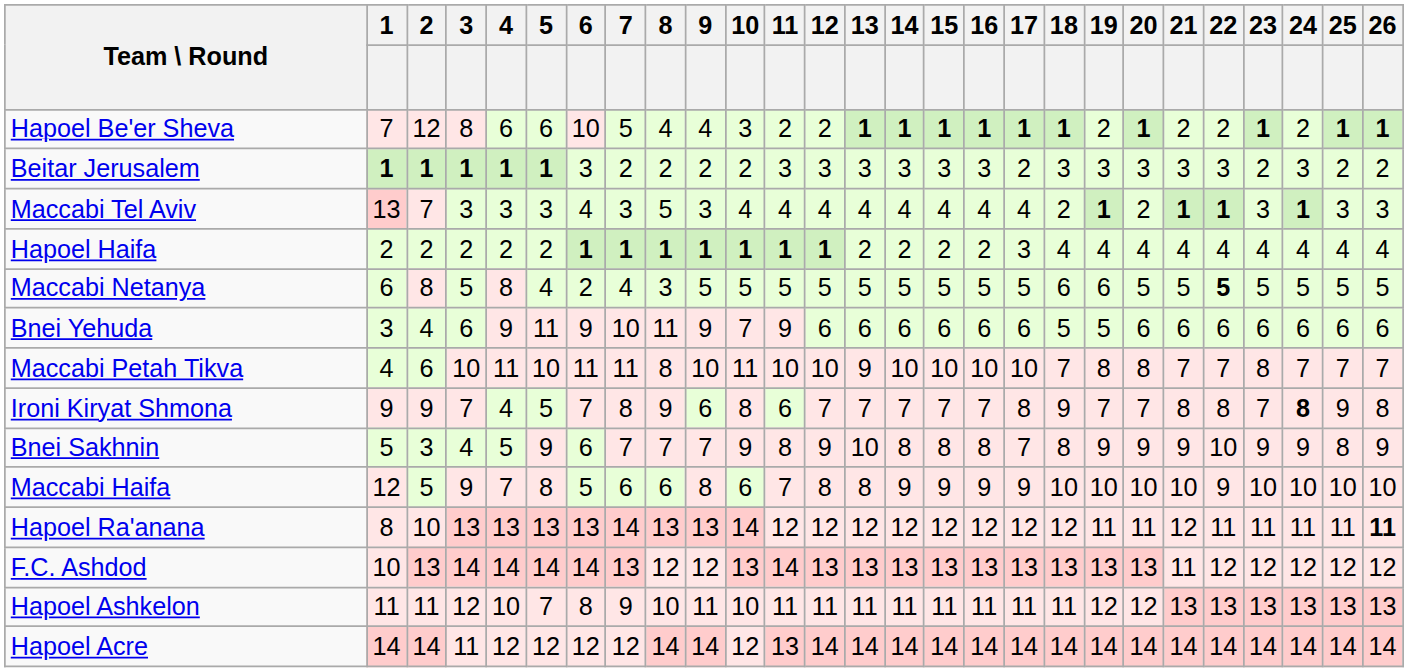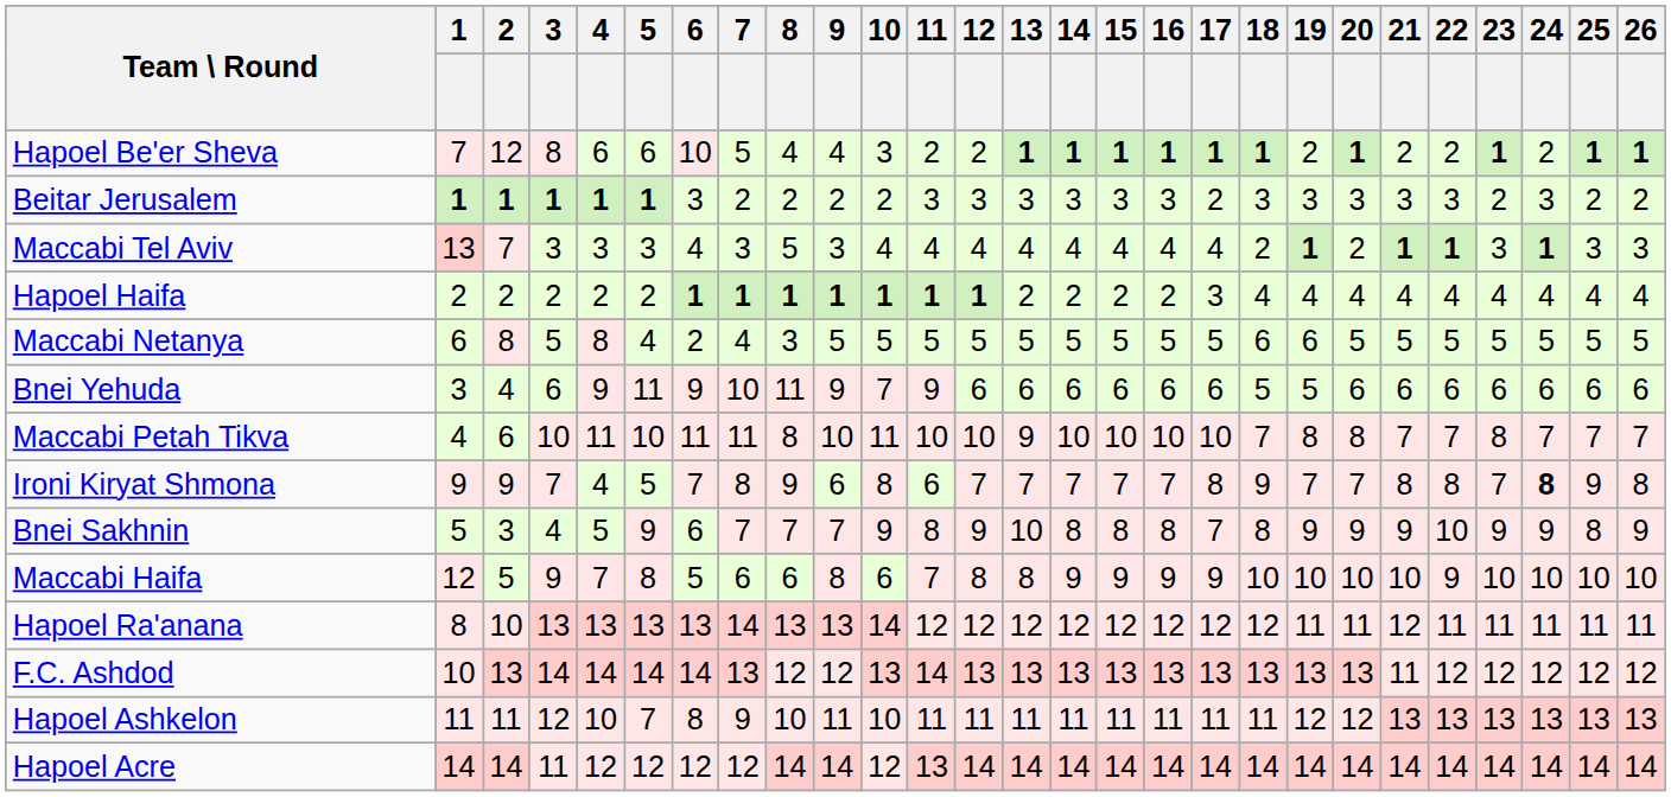 <table class="wikitable sortable" style="font-size: 90%; text-align:center;">
 <tr>
 <th rowspan="2" style="width:200px;">Team \ Round</th>
 <th align=center>1</th>
 <th align=center>2</th>
 <th align=center>3</th>
 <th align=center>4</th>
 <th align=center>5</th>
 <th align=center>6</th>
 <th align=center>7</th>
 <th align=center>8</th>
 <th align=center>9</th>
 <th align=center>10</th>
 <th align=center>11</th>
 <th align=center>12</th>
 <th align=center>13</th>
 <th align=center>14</th>
 <th align=center>15</th>
 <th align=center>16</th>
 <th align=center>17</th>
 <th align=center>18</th>
 <th align=center>19</th>
 <th align=center>20</th>
 <th align=center>21</th>
 <th align=center>22</th>
 <th align=center>23</th>
 <th align=center>24</th>
 <th align=center>25</th>
 <th align=center>26</th>
 </tr>
 <tr>
 <th style="text-align:center; height:30px;"></th>
 <th align=center></th>
 <th align=center></th>
 <th align=center></th>
 <th align=center></th>
 <th align=center></th>
 <th align=center></th>
 <th align=center></th>
 <th align=center></th>
 <th align=center></th>
 <th align=center></th>
 <th align=center></th>
 <th align=center></th>
 <th align=center></th>
 <th align=center></th>
 <th align=center></th>
 <th align=center></th>
 <th align=center></th>
 <th align=center></th>
 <th align=center></th>
 <th align=center></th>
 <th align=center></th>
 <th align=center></th>
 <th align=center></th>
 <th align=center></th>
 <th align=center></th>
 </tr>
 <tr align=center>
 <td align=left><a href='#'>Hapoel Be'er Sheva</a></td>
 <td bgcolor="FFE6E6">7</td>
 <td bgcolor="FFE6E6">12</td>
 <td bgcolor="FFE6E6">8</td>
 <td bgcolor="E8FFD8">6</td>
 <td bgcolor="E8FFD8">6</td>
 <td bgcolor="FFE6E6">10</td>
 <td bgcolor="E8FFD8">5</td>
 <td bgcolor="E8FFD8">4</td>
 <td bgcolor="E8FFD8">4</td>
 <td bgcolor="E8FFD8">3</td>
 <td bgcolor="E8FFD8">2</td>
 <td bgcolor="E8FFD8">2</td>
 <td bgcolor="D0F0C0"><strong>1</strong></td>
 <td bgcolor="D0F0C0"><strong>1</strong></td>
 <td bgcolor="D0F0C0"><strong>1</strong></td>
 <td bgcolor="D0F0C0"><strong>1</strong></td>
 <td bgcolor="D0F0C0"><strong>1</strong></td>
 <td bgcolor="D0F0C0"><strong>1</strong></td>
 <td bgcolor="E8FFD8">2</td>
 <td bgcolor="D0F0C0"><strong>1</strong></td>
 <td bgcolor="E8FFD8">2</td>
 <td bgcolor="E8FFD8">2</td>
 <td bgcolor="D0F0C0"><strong>1</strong></td>
 <td bgcolor="E8FFD8">2</td>
 <td bgcolor="D0F0C0"><strong>1</strong></td>
 <td bgcolor="D0F0C0"><strong>1</strong></td>
 </tr>
 <tr align=center>
 <td align=left><a href='#'>Beitar Jerusalem</a></td>
 <td bgcolor="D0F0C0"><strong>1</strong></td>
 <td bgcolor="D0F0C0"><strong>1</strong></td>
 <td bgcolor="D0F0C0"><strong>1</strong></td>
 <td bgcolor="D0F0C0"><strong>1</strong></td>
 <td bgcolor="D0F0C0"><strong>1</strong></td>
 <td bgcolor="E8FFD8">3</td>
 <td bgcolor="E8FFD8">2</td>
 <td bgcolor="E8FFD8">2</td>
 <td bgcolor="E8FFD8">2</td>
 <td bgcolor="E8FFD8">2</td>
 <td bgcolor="E8FFD8">3</td>
 <td bgcolor="E8FFD8">3</td>
 <td bgcolor="E8FFD8">3</td>
 <td bgcolor="E8FFD8">3</td>
 <td bgcolor="E8FFD8">3</td>
 <td bgcolor="E8FFD8">3</td>
 <td bgcolor="E8FFD8">2</td>
 <td bgcolor="E8FFD8">3</td>
 <td bgcolor="E8FFD8">3</td>
 <td bgcolor="E8FFD8">3</td>
 <td bgcolor="E8FFD8">3</td>
 <td bgcolor="E8FFD8">3</td>
 <td bgcolor="E8FFD8">2</td>
 <td bgcolor="E8FFD8">3</td>
 <td bgcolor="E8FFD8">2</td>
 <td bgcolor="E8FFD8">2</td>
 </tr>
 <tr align=center>
 <td align=left><a href='#'>Maccabi Tel Aviv</a></td>
 <td bgcolor="FFCCCC">13</td>
 <td bgcolor="FFE6E6">7</td>
 <td bgcolor="E8FFD8">3</td>
 <td bgcolor="E8FFD8">3</td>
 <td bgcolor="E8FFD8">3</td>
 <td bgcolor="E8FFD8">4</td>
 <td bgcolor="E8FFD8">3</td>
 <td bgcolor="E8FFD8">5</td>
 <td bgcolor="E8FFD8">3</td>
 <td bgcolor="E8FFD8">4</td>
 <td bgcolor="E8FFD8">4</td>
 <td bgcolor="E8FFD8">4</td>
 <td bgcolor="E8FFD8">4</td>
 <td bgcolor="E8FFD8">4</td>
 <td bgcolor="E8FFD8">4</td>
 <td bgcolor="E8FFD8">4</td>
 <td bgcolor="E8FFD8">4</td>
 <td bgcolor="E8FFD8">2</td>
 <td bgcolor="D0F0C0"><strong>1</strong></td>
 <td bgcolor="E8FFD8">2</td>
 <td bgcolor="D0F0C0"><strong>1</strong></td>
 <td bgcolor="D0F0C0"><strong>1</strong></td>
 <td bgcolor="E8FFD8">3</td>
 <td bgcolor="D0F0C0"><strong>1</strong></td>
 <td bgcolor="E8FFD8">3</td>
 <td bgcolor="E8FFD8">3</td>
 </tr>
 <tr align=center>
 <td align=left><a href='#'>Hapoel Haifa</a></td>
 <td bgcolor="E8FFD8">2</td>
 <td bgcolor="E8FFD8">2</td>
 <td bgcolor="E8FFD8">2</td>
 <td bgcolor="E8FFD8">2</td>
 <td bgcolor="E8FFD8">2</td>
 <td bgcolor="D0F0C0"><strong>1</strong></td>
 <td bgcolor="D0F0C0"><strong>1</strong></td>
 <td bgcolor="D0F0C0"><strong>1</strong></td>
 <td bgcolor="D0F0C0"><strong>1</strong></td>
 <td bgcolor="D0F0C0"><strong>1</strong></td>
 <td bgcolor="D0F0C0"><strong>1</strong></td>
 <td bgcolor="D0F0C0"><strong>1</strong></td>
 <td bgcolor="E8FFD8">2</td>
 <td bgcolor="E8FFD8">2</td>
 <td bgcolor="E8FFD8">2</td>
 <td bgcolor="E8FFD8">2</td>
 <td bgcolor="E8FFD8">3</td>
 <td bgcolor="E8FFD8">4</td>
 <td bgcolor="E8FFD8">4</td>
 <td bgcolor="E8FFD8">4</td>
 <td bgcolor="E8FFD8">4</td>
 <td bgcolor="E8FFD8">4</td>
 <td bgcolor="E8FFD8">4</td>
 <td bgcolor="E8FFD8">4</td>
 <td bgcolor="E8FFD8">4</td>
 <td bgcolor="E8FFD8">4</td>
 </tr>
 <tr align=center>
 <td align=left><a href='#'>Maccabi Netanya</a></td>
 <td bgcolor="E8FFD8">6</td>
 <td bgcolor="FFE6E6">8</td>
 <td bgcolor="E8FFD8">5</td>
 <td bgcolor="FFE6E6">8</td>
 <td bgcolor="E8FFD8">4</td>
 <td bgcolor="E8FFD8">2</td>
 <td bgcolor="E8FFD8">4</td>
 <td bgcolor="E8FFD8">3</td>
 <td bgcolor="E8FFD8">5</td>
 <td bgcolor="E8FFD8">5</td>
 <td bgcolor="E8FFD8">5</td>
 <td bgcolor="E8FFD8">5</td>
 <td bgcolor="E8FFD8">5</td>
 <td bgcolor="E8FFD8">5</td>
 <td bgcolor="E8FFD8">5</td>
 <td bgcolor="E8FFD8">5</td>
 <td bgcolor="E8FFD8">5</td>
 <td bgcolor="E8FFD8">6</td>
 <td bgcolor="E8FFD8">6</td>
 <td bgcolor="E8FFD8">5</td>
 <td bgcolor="E8FFD8">5</td>
-<td bgcolor="E8FFD8"><strong>5</strong></td>
+<td bgcolor="E8FFD8">5</td>
 <td bgcolor="E8FFD8">5</td>
 <td bgcolor="E8FFD8">5</td>
 <td bgcolor="E8FFD8">5</td>
 <td bgcolor="E8FFD8">5</td>
 </tr>
 <tr align=center>
 <td align=left><a href='#'>Bnei Yehuda</a></td>
 <td bgcolor="E8FFD8">3</td>
 <td bgcolor="E8FFD8">4</td>
 <td bgcolor="E8FFD8">6</td>
 <td bgcolor="FFE6E6">9</td>
 <td bgcolor="FFE6E6">11</td>
 <td bgcolor="FFE6E6">9</td>
 <td bgcolor="FFE6E6">10</td>
 <td bgcolor="FFE6E6">11</td>
 <td bgcolor="FFE6E6">9</td>
 <td bgcolor="FFE6E6">7</td>
 <td bgcolor="FFE6E6">9</td>
 <td bgcolor="E8FFD8">6</td>
 <td bgcolor="E8FFD8">6</td>
 <td bgcolor="E8FFD8">6</td>
 <td bgcolor="E8FFD8">6</td>
 <td bgcolor="E8FFD8">6</td>
 <td bgcolor="E8FFD8">6</td>
 <td bgcolor="E8FFD8">5</td>
 <td bgcolor="E8FFD8">5</td>
 <td bgcolor="E8FFD8">6</td>
 <td bgcolor="E8FFD8">6</td>
 <td bgcolor="E8FFD8">6</td>
 <td bgcolor="E8FFD8">6</td>
 <td bgcolor="E8FFD8">6</td>
 <td bgcolor="E8FFD8">6</td>
 <td bgcolor="E8FFD8">6</td>
 </tr>
 <tr align=center>
 <td align=left><a href='#'>Maccabi Petah Tikva</a></td>
 <td bgcolor="E8FFD8">4</td>
 <td bgcolor="E8FFD8">6</td>
 <td bgcolor="FFE6E6">10</td>
 <td bgcolor="FFE6E6">11</td>
 <td bgcolor="FFE6E6">10</td>
 <td bgcolor="FFE6E6">11</td>
 <td bgcolor="FFE6E6">11</td>
 <td bgcolor="FFE6E6">8</td>
 <td bgcolor="FFE6E6">10</td>
 <td bgcolor="FFE6E6">11</td>
 <td bgcolor="FFE6E6">10</td>
 <td bgcolor="FFE6E6">10</td>
 <td bgcolor="FFE6E6">9</td>
 <td bgcolor="FFE6E6">10</td>
 <td bgcolor="FFE6E6">10</td>
 <td bgcolor="FFE6E6">10</td>
 <td bgcolor="FFE6E6">10</td>
 <td bgcolor="FFE6E6">7</td>
 <td bgcolor="FFE6E6">8</td>
 <td bgcolor="FFE6E6">8</td>
 <td bgcolor="FFE6E6">7</td>
 <td bgcolor="FFE6E6">7</td>
 <td bgcolor="FFE6E6">8</td>
 <td bgcolor="FFE6E6">7</td>
 <td bgcolor="FFE6E6">7</td>
 <td bgcolor="FFE6E6">7</td>
 </tr>
 <tr align=center>
 <td align=left><a href='#'>Ironi Kiryat Shmona</a></td>
 <td bgcolor="FFE6E6">9</td>
 <td bgcolor="FFE6E6">9</td>
 <td bgcolor="FFE6E6">7</td>
 <td bgcolor="E8FFD8">4</td>
 <td bgcolor="E8FFD8">5</td>
 <td bgcolor="FFE6E6">7</td>
 <td bgcolor="FFE6E6">8</td>
 <td bgcolor="FFE6E6">9</td>
 <td bgcolor="E8FFD8">6</td>
 <td bgcolor="FFE6E6">8</td>
 <td bgcolor="E8FFD8">6</td>
 <td bgcolor="FFE6E6">7</td>
 <td bgcolor="FFE6E6">7</td>
 <td bgcolor="FFE6E6">7</td>
 <td bgcolor="FFE6E6">7</td>
 <td bgcolor="FFE6E6">7</td>
 <td bgcolor="FFE6E6">8</td>
 <td bgcolor="FFE6E6">9</td>
 <td bgcolor="FFE6E6">7</td>
 <td bgcolor="FFE6E6">7</td>
 <td bgcolor="FFE6E6">8</td>
 <td bgcolor="FFE6E6">8</td>
 <td bgcolor="FFE6E6">7</td>
 <td bgcolor="FFE6E6"><strong>8</strong></td>
 <td bgcolor="FFE6E6">9</td>
 <td bgcolor="FFE6E6">8</td>
 </tr>
 <tr align=center>
 <td align=left><a href='#'>Bnei Sakhnin</a></td>
 <td bgcolor="E8FFD8">5</td>
 <td bgcolor="E8FFD8">3</td>
 <td bgcolor="E8FFD8">4</td>
 <td bgcolor="E8FFD8">5</td>
 <td bgcolor="FFE6E6">9</td>
 <td bgcolor="E8FFD8">6</td>
 <td bgcolor="FFE6E6">7</td>
 <td bgcolor="FFE6E6">7</td>
 <td bgcolor="FFE6E6">7</td>
 <td bgcolor="FFE6E6">9</td>
 <td bgcolor="FFE6E6">8</td>
 <td bgcolor="FFE6E6">9</td>
 <td bgcolor="FFE6E6">10</td>
 <td bgcolor="FFE6E6">8</td>
 <td bgcolor="FFE6E6">8</td>
 <td bgcolor="FFE6E6">8</td>
 <td bgcolor="FFE6E6">7</td>
 <td bgcolor="FFE6E6">8</td>
 <td bgcolor="FFE6E6">9</td>
 <td bgcolor="FFE6E6">9</td>
 <td bgcolor="FFE6E6">9</td>
 <td bgcolor="FFE6E6">10</td>
 <td bgcolor="FFE6E6">9</td>
 <td bgcolor="FFE6E6">9</td>
 <td bgcolor="FFE6E6">8</td>
 <td bgcolor="FFE6E6">9</td>
 </tr>
 <tr align=center>
 <td align=left><a href='#'>Maccabi Haifa</a></td>
 <td bgcolor="FFE6E6">12</td>
 <td bgcolor="E8FFD8">5</td>
 <td bgcolor="FFE6E6">9</td>
 <td bgcolor="FFE6E6">7</td>
 <td bgcolor="FFE6E6">8</td>
 <td bgcolor="E8FFD8">5</td>
 <td bgcolor="E8FFD8">6</td>
 <td bgcolor="E8FFD8">6</td>
 <td bgcolor="FFE6E6">8</td>
 <td bgcolor="E8FFD8">6</td>
 <td bgcolor="FFE6E6">7</td>
 <td bgcolor="FFE6E6">8</td>
 <td bgcolor="FFE6E6">8</td>
 <td bgcolor="FFE6E6">9</td>
 <td bgcolor="FFE6E6">9</td>
 <td bgcolor="FFE6E6">9</td>
 <td bgcolor="FFE6E6">9</td>
 <td bgcolor="FFE6E6">10</td>
 <td bgcolor="FFE6E6">10</td>
 <td bgcolor="FFE6E6">10</td>
 <td bgcolor="FFE6E6">10</td>
 <td bgcolor="FFE6E6">9</td>
 <td bgcolor="FFE6E6">10</td>
 <td bgcolor="FFE6E6">10</td>
 <td bgcolor="FFE6E6">10</td>
 <td bgcolor="FFE6E6">10</td>
 </tr>
 <tr align=center>
 <td align=left><a href='#'>Hapoel Ra'anana</a></td>
 <td bgcolor="FFE6E6">8</td>
 <td bgcolor="FFE6E6">10</td>
 <td bgcolor="FFCCCC">13</td>
 <td bgcolor="FFCCCC">13</td>
 <td bgcolor="FFCCCC">13</td>
 <td bgcolor="FFCCCC">13</td>
 <td bgcolor="FFCCCC">14</td>
 <td bgcolor="FFCCCC">13</td>
 <td bgcolor="FFCCCC">13</td>
 <td bgcolor="FFCCCC">14</td>
 <td bgcolor="FFE6E6">12</td>
 <td bgcolor="FFE6E6">12</td>
 <td bgcolor="FFE6E6">12</td>
 <td bgcolor="FFE6E6">12</td>
 <td bgcolor="FFE6E6">12</td>
 <td bgcolor="FFE6E6">12</td>
 <td bgcolor="FFE6E6">12</td>
 <td bgcolor="FFE6E6">12</td>
 <td bgcolor="FFE6E6">11</td>
 <td bgcolor="FFE6E6">11</td>
 <td bgcolor="FFE6E6">12</td>
 <td bgcolor="FFE6E6">11</td>
 <td bgcolor="FFE6E6">11</td>
 <td bgcolor="FFE6E6">11</td>
 <td bgcolor="FFE6E6">11</td>
-<td bgcolor="FFE6E6"><strong>11</strong></td>
+<td bgcolor="FFE6E6">11</td>
 </tr>
 <tr align=center>
 <td align=left><a href='#'>F.C. Ashdod</a></td>
 <td bgcolor="FFE6E6">10</td>
 <td bgcolor="FFCCCC">13</td>
 <td bgcolor="FFCCCC">14</td>
 <td bgcolor="FFCCCC">14</td>
 <td bgcolor="FFCCCC">14</td>
 <td bgcolor="FFCCCC">14</td>
 <td bgcolor="FFCCCC">13</td>
 <td bgcolor="FFE6E6">12</td>
 <td bgcolor="FFE6E6">12</td>
 <td bgcolor="FFCCCC">13</td>
 <td bgcolor="FFCCCC">14</td>
 <td bgcolor="FFCCCC">13</td>
 <td bgcolor="FFCCCC">13</td>
 <td bgcolor="FFCCCC">13</td>
 <td bgcolor="FFCCCC">13</td>
 <td bgcolor="FFCCCC">13</td>
 <td bgcolor="FFCCCC">13</td>
 <td bgcolor="FFCCCC">13</td>
 <td bgcolor="FFCCCC">13</td>
 <td bgcolor="FFCCCC">13</td>
 <td bgcolor="FFE6E6">11</td>
 <td bgcolor="FFE6E6">12</td>
 <td bgcolor="FFE6E6">12</td>
 <td bgcolor="FFE6E6">12</td>
 <td bgcolor="FFE6E6">12</td>
 <td bgcolor="FFE6E6">12</td>
 </tr>
 <tr align=center>
 <td align=left><a href='#'>Hapoel Ashkelon</a></td>
 <td bgcolor="FFE6E6">11</td>
 <td bgcolor="FFE6E6">11</td>
 <td bgcolor="FFE6E6">12</td>
 <td bgcolor="FFE6E6">10</td>
 <td bgcolor="FFE6E6">7</td>
 <td bgcolor="FFE6E6">8</td>
 <td bgcolor="FFE6E6">9</td>
 <td bgcolor="FFE6E6">10</td>
 <td bgcolor="FFE6E6">11</td>
 <td bgcolor="FFE6E6">10</td>
 <td bgcolor="FFE6E6">11</td>
 <td bgcolor="FFE6E6">11</td>
 <td bgcolor="FFE6E6">11</td>
 <td bgcolor="FFE6E6">11</td>
 <td bgcolor="FFE6E6">11</td>
 <td bgcolor="FFE6E6">11</td>
 <td bgcolor="FFE6E6">11</td>
 <td bgcolor="FFE6E6">11</td>
 <td bgcolor="FFE6E6">12</td>
 <td bgcolor="FFE6E6">12</td>
 <td bgcolor="FFCCCC">13</td>
 <td bgcolor="FFCCCC">13</td>
 <td bgcolor="FFCCCC">13</td>
 <td bgcolor="FFCCCC">13</td>
 <td bgcolor="FFCCCC">13</td>
 <td bgcolor="FFCCCC">13</td>
 </tr>
 <tr align=center>
 <td align=left><a href='#'>Hapoel Acre</a></td>
 <td bgcolor="FFCCCC">14</td>
 <td bgcolor="FFCCCC">14</td>
 <td bgcolor="FFE6E6">11</td>
 <td bgcolor="FFE6E6">12</td>
 <td bgcolor="FFE6E6">12</td>
 <td bgcolor="FFE6E6">12</td>
 <td bgcolor="FFE6E6">12</td>
 <td bgcolor="FFCCCC">14</td>
 <td bgcolor="FFCCCC">14</td>
 <td bgcolor="FFE6E6">12</td>
 <td bgcolor="FFCCCC">13</td>
 <td bgcolor="FFCCCC">14</td>
 <td bgcolor="FFCCCC">14</td>
 <td bgcolor="FFCCCC">14</td>
 <td bgcolor="FFCCCC">14</td>
 <td bgcolor="FFCCCC">14</td>
 <td bgcolor="FFCCCC">14</td>
 <td bgcolor="FFCCCC">14</td>
 <td bgcolor="FFCCCC">14</td>
 <td bgcolor="FFCCCC">14</td>
 <td bgcolor="FFCCCC">14</td>
 <td bgcolor="FFCCCC">14</td>
 <td bgcolor="FFCCCC">14</td>
 <td bgcolor="FFCCCC">14</td>
 <td bgcolor="FFCCCC">14</td>
 <td bgcolor="FFCCCC">14</td>
 </tr>
 </table>
